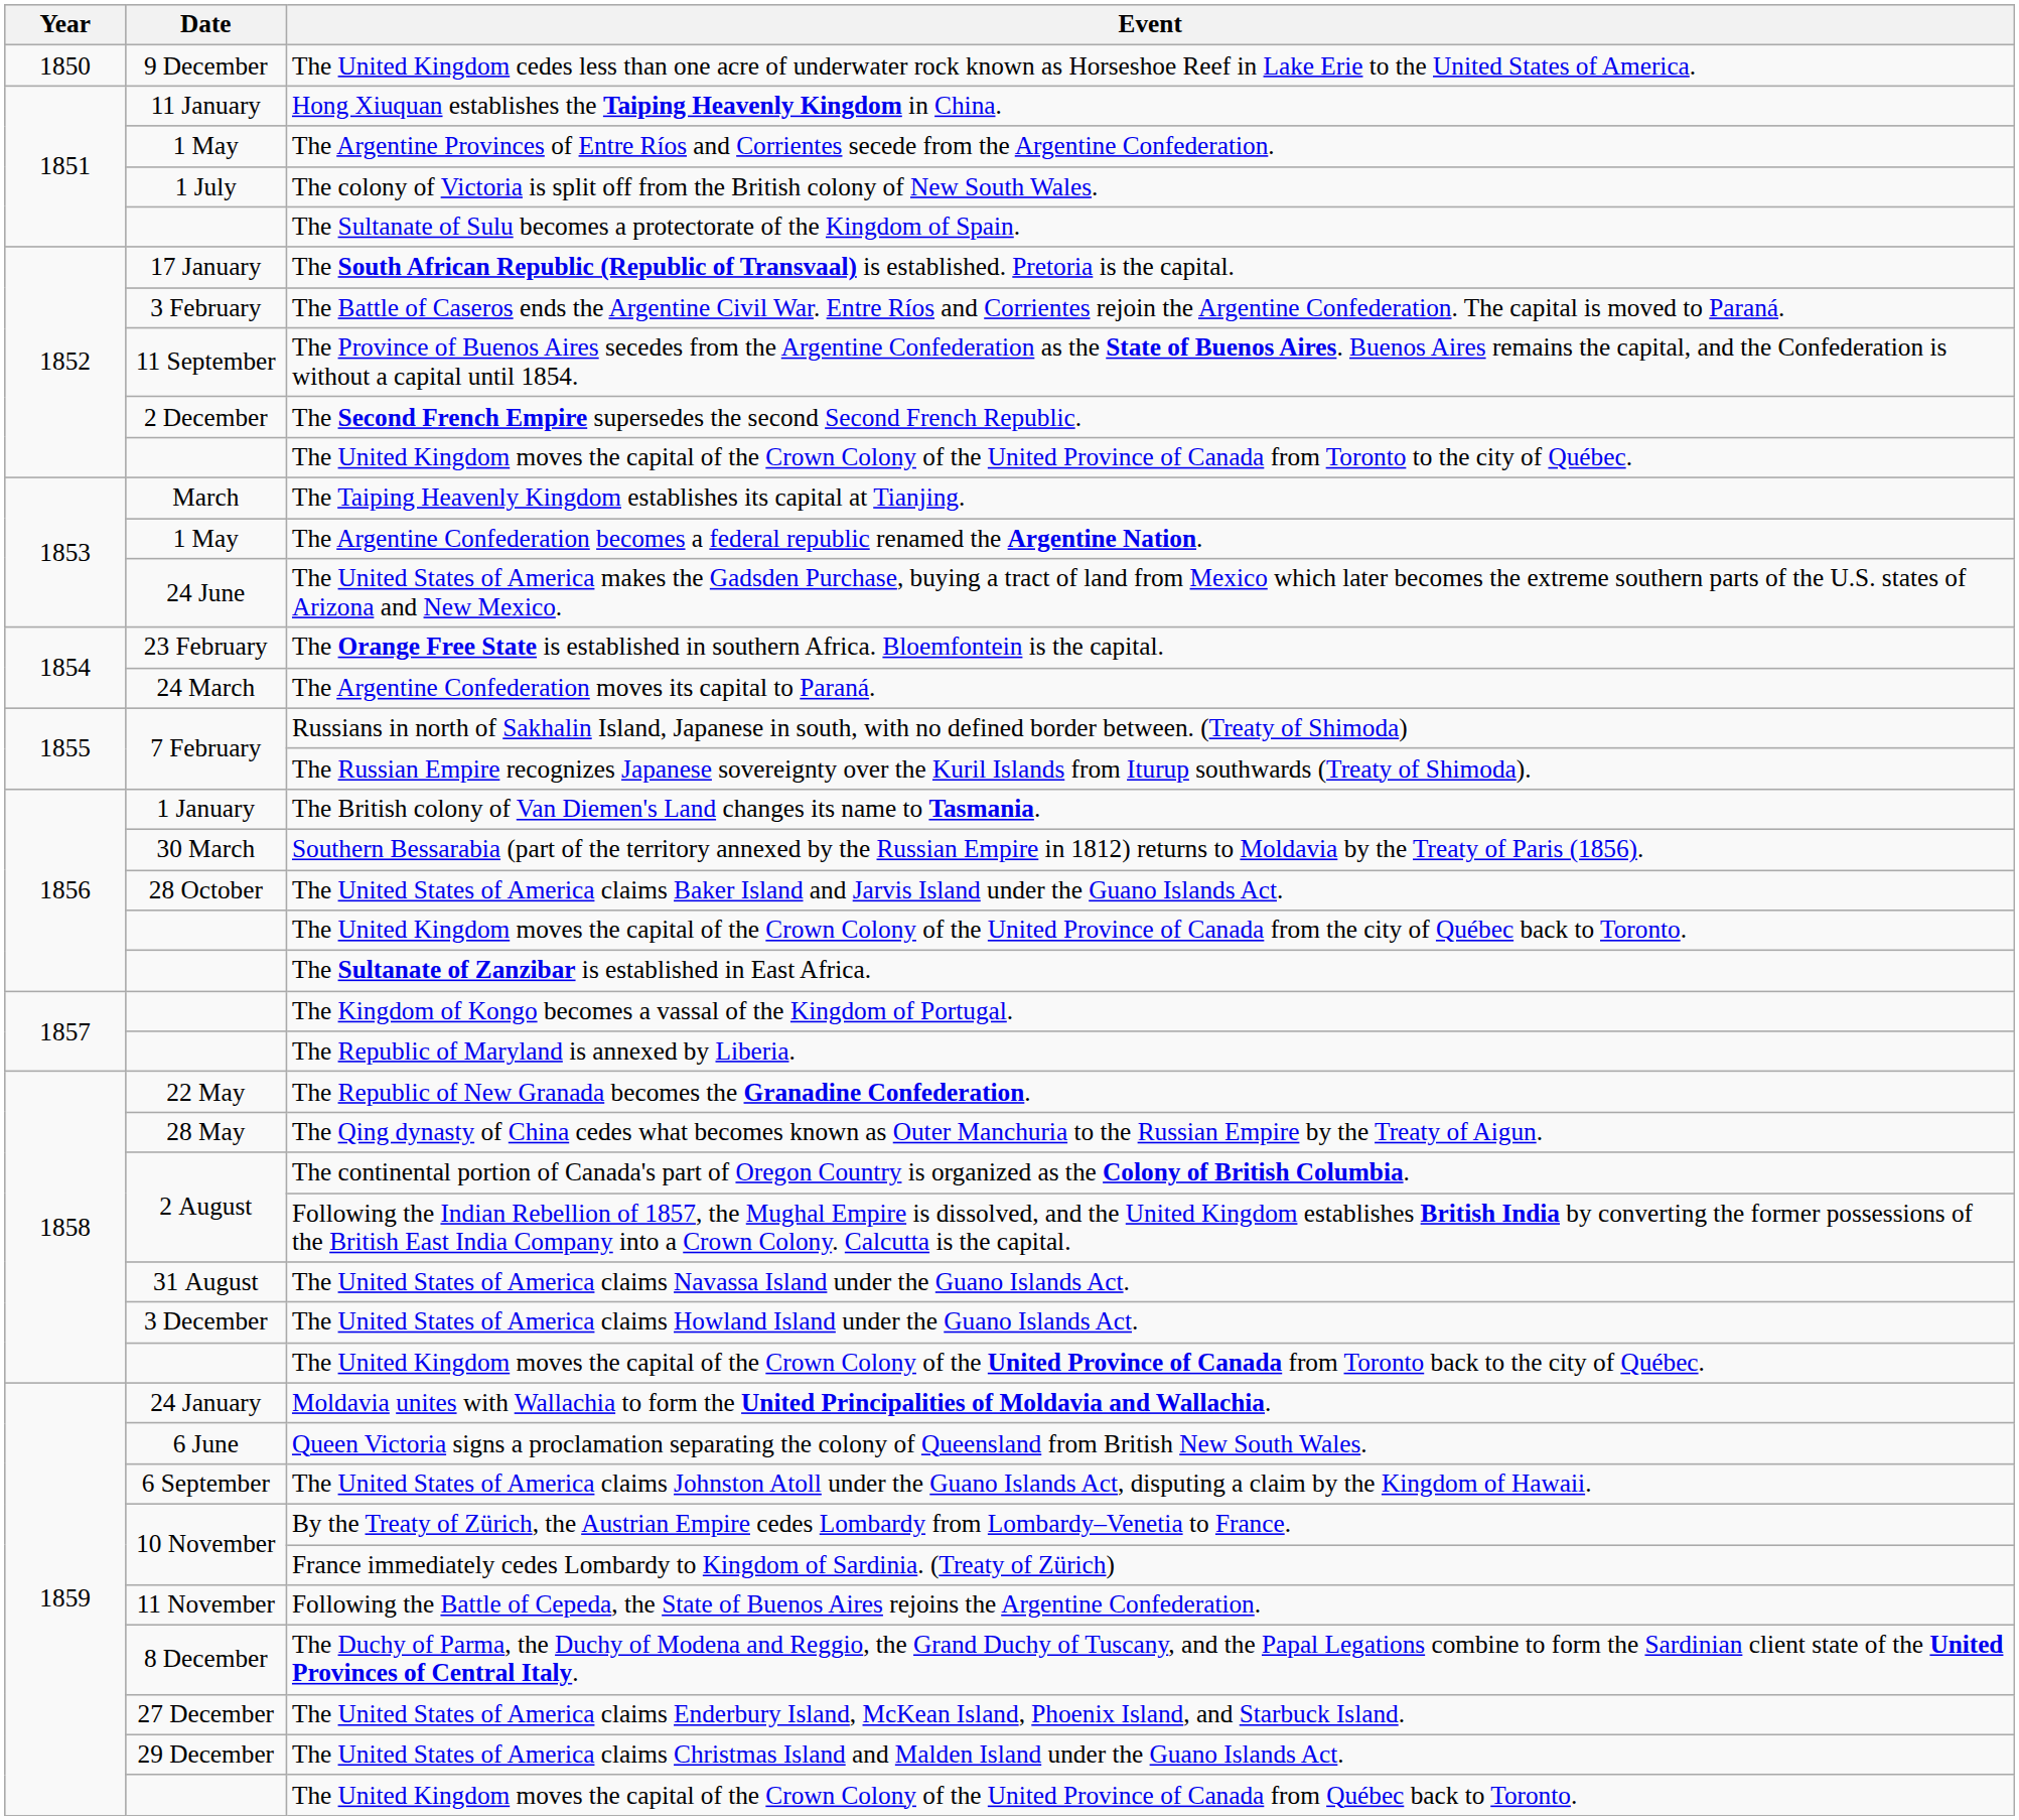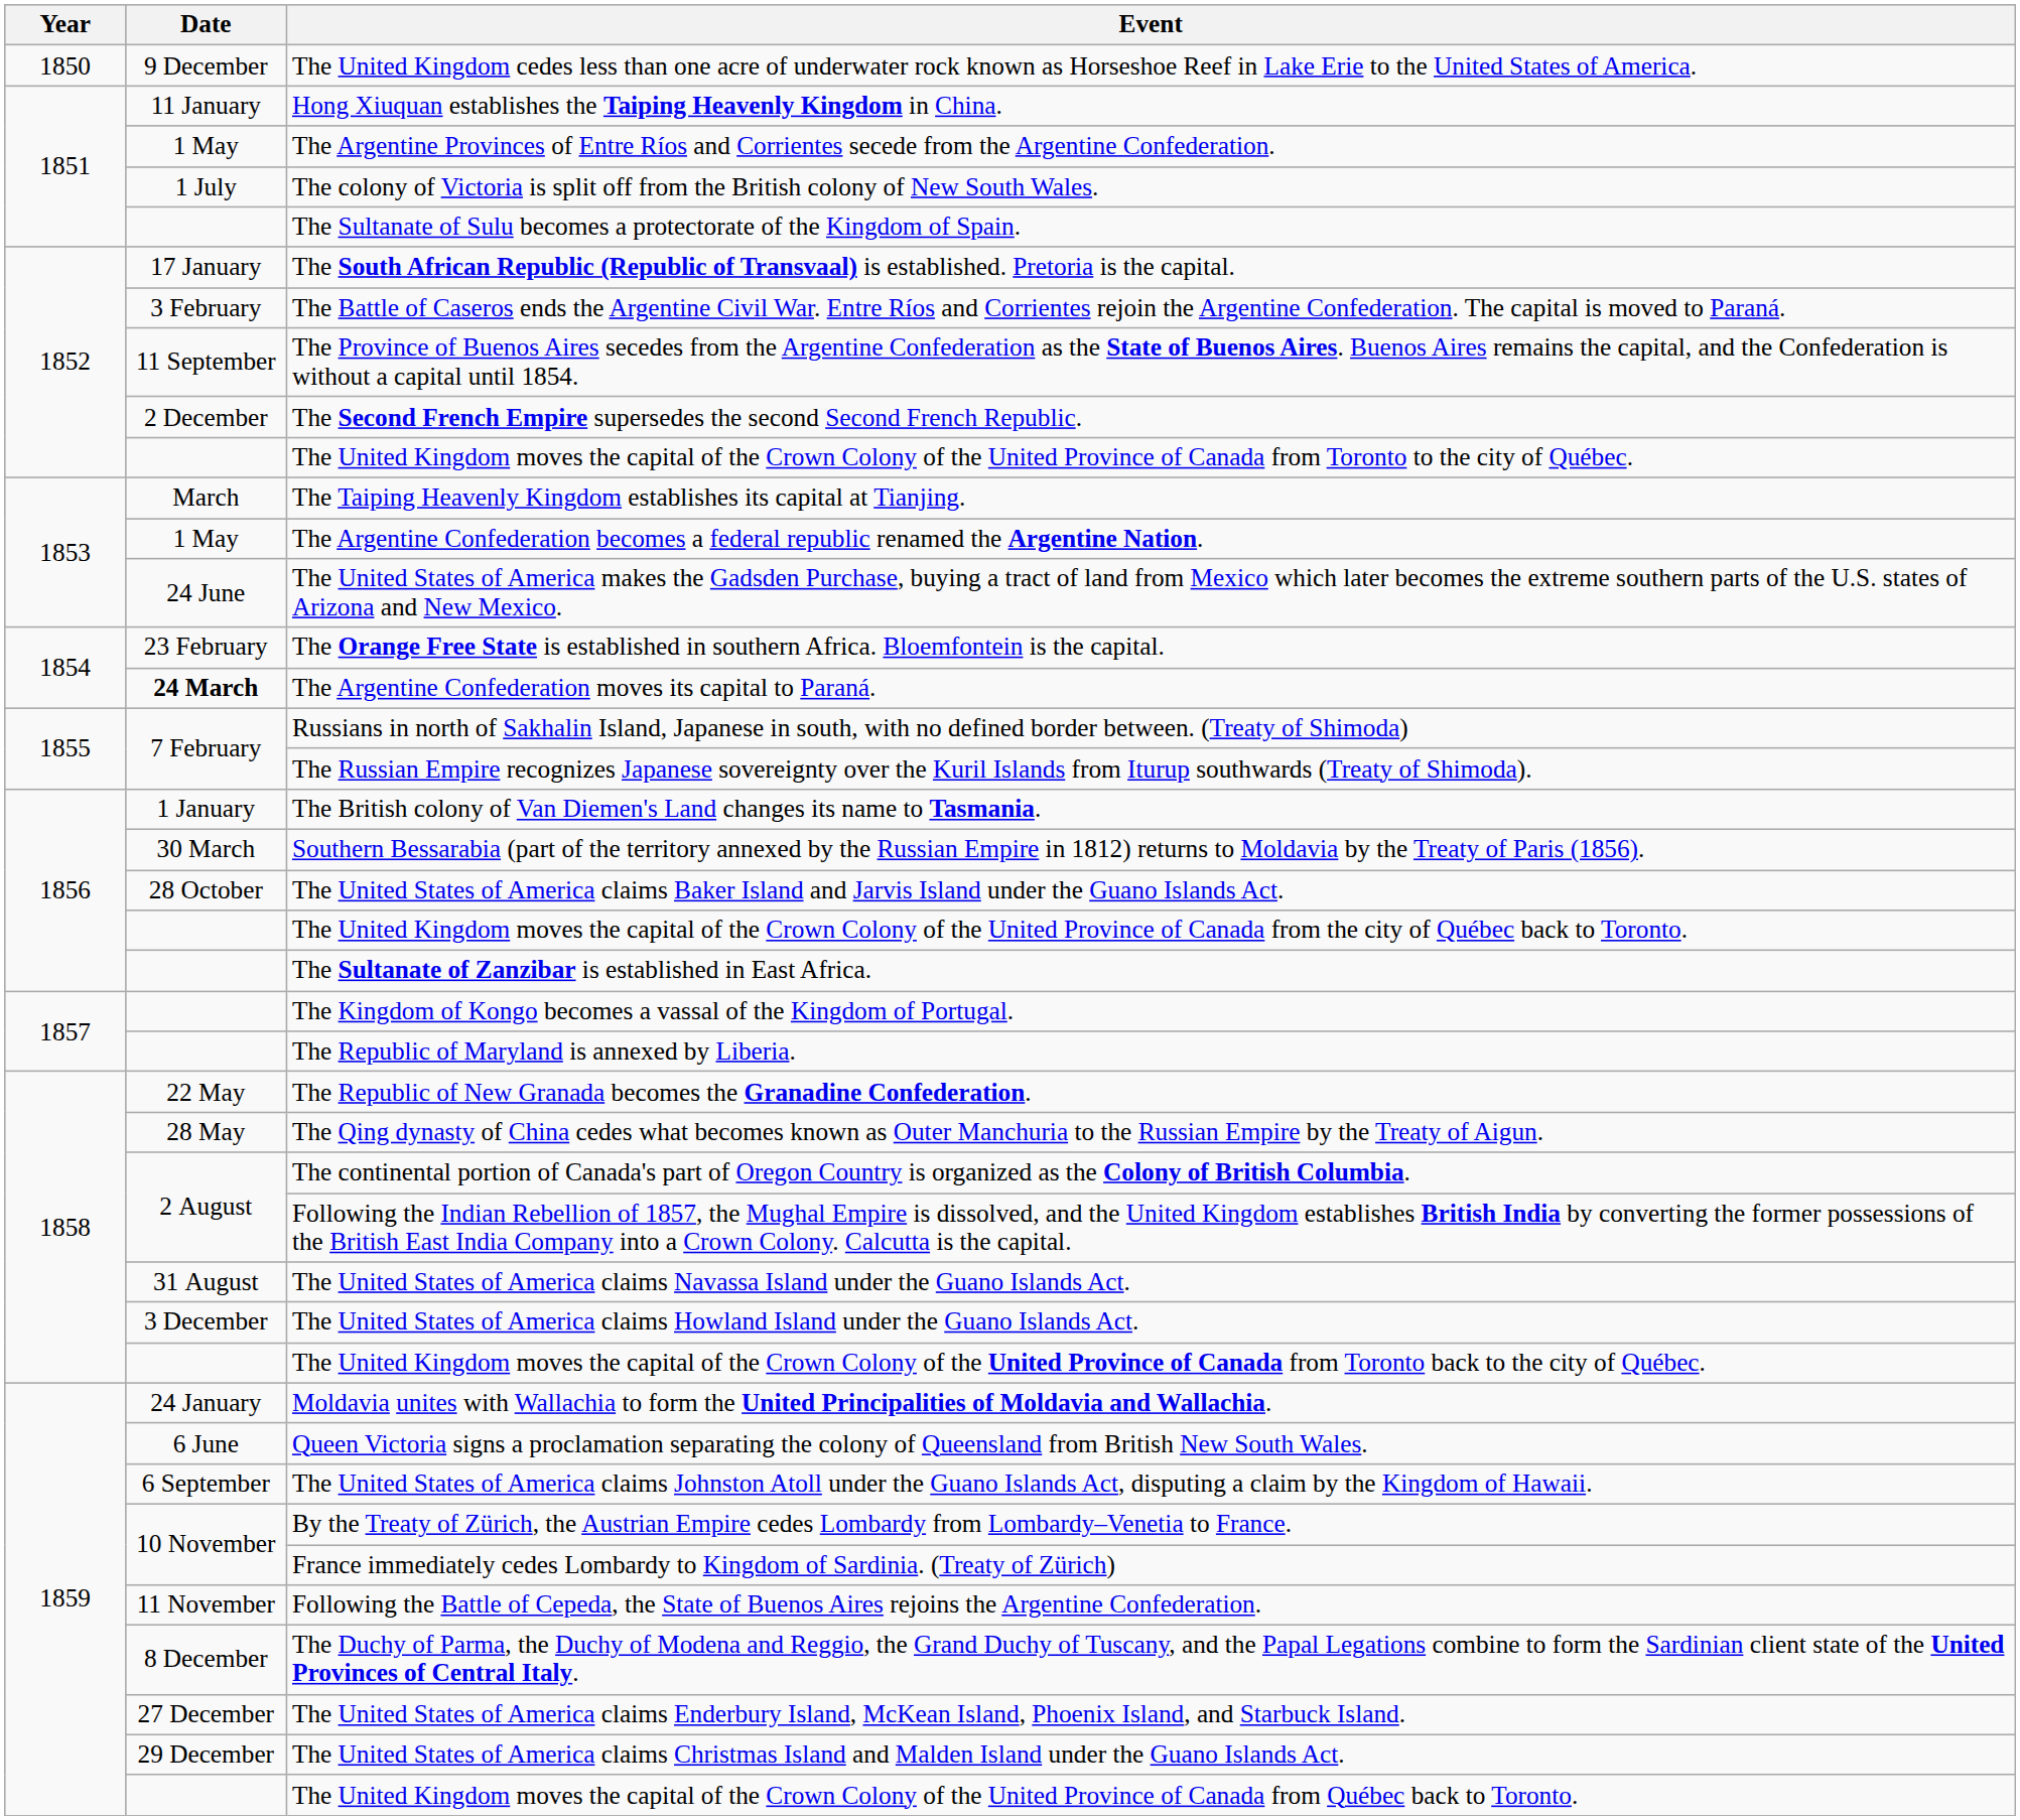 <table class=wikitable style="width:100%;">
 <tr>
 <th style="width:6%">Year</th>
 <th style="width:8%">Date</th>
 <th style="width:86%">Event</th>
 </tr>
 <tr>
 <td align=center>1850</td>
 <td align=center>9 December</td>
 <td>The <a href='#'>United Kingdom</a> cedes less than one acre of underwater rock known as Horseshoe Reef in <a href='#'>Lake Erie</a> to the <a href='#'>United States of America</a>.</td>
 </tr>
 <tr>
 <td rowspan=4 align=center>1851</td>
 <td align=center>11 January</td>
 <td><a href='#'>Hong Xiuquan</a> establishes the <strong><a href='#'>Taiping Heavenly Kingdom</a></strong> in <a href='#'>China</a>.</td>
 </tr>
 <tr>
 <td align=center>1 May</td>
 <td>The <a href='#'>Argentine Provinces</a> of <a href='#'>Entre Ríos</a> and <a href='#'>Corrientes</a> secede from the <a href='#'>Argentine Confederation</a>.</td>
 </tr>
 <tr>
 <td align=center>1 July</td>
 <td>The colony of <a href='#'>Victoria</a> is split off from the British colony of <a href='#'>New South Wales</a>.</td>
 </tr>
 <tr>
 <td></td>
 <td>The <a href='#'>Sultanate of Sulu</a> becomes a protectorate of the <a href='#'>Kingdom of Spain</a>.</td>
 </tr>
 <tr>
 <td rowspan=5 align=center>1852</td>
 <td align=center>17 January</td>
 <td>The <strong><a href='#'>South African Republic (Republic of Transvaal)</a></strong> is established. <a href='#'>Pretoria</a> is the capital.</td>
 </tr>
 <tr>
 <td align=center>3 February</td>
 <td>The <a href='#'>Battle of Caseros</a> ends the <a href='#'>Argentine Civil War</a>. <a href='#'>Entre Ríos</a> and <a href='#'>Corrientes</a> rejoin the <a href='#'>Argentine Confederation</a>. The capital is moved to <a href='#'>Paraná</a>.</td>
 </tr>
 <tr>
 <td align=center>11 September</td>
 <td>The <a href='#'>Province of Buenos Aires</a> secedes from the <a href='#'>Argentine Confederation</a> as the <strong><a href='#'>State of Buenos Aires</a></strong>. <a href='#'>Buenos Aires</a> remains the capital, and the Confederation is without a capital until 1854.</td>
 </tr>
 <tr>
 <td align=center>2 December</td>
 <td>The <strong><a href='#'>Second French Empire</a></strong> supersedes the second <a href='#'>Second French Republic</a>.</td>
 </tr>
 <tr>
 <td></td>
 <td>The <a href='#'>United Kingdom</a> moves the capital of the <a href='#'>Crown Colony</a> of the <a href='#'>United Province of Canada</a> from <a href='#'>Toronto</a> to the city of <a href='#'>Québec</a>.</td>
 </tr>
 <tr>
 <td rowspan=3 align=center>1853</td>
 <td align=center>March</td>
 <td>The <a href='#'>Taiping Heavenly Kingdom</a> establishes its capital at <a href='#'>Tianjing</a>.</td>
 </tr>
 <tr>
 <td align=center>1 May</td>
 <td>The <a href='#'>Argentine Confederation</a> <a href='#'>becomes</a> a <a href='#'>federal republic</a> renamed the <strong><a href='#'>Argentine Nation</a></strong>.</td>
 </tr>
 <tr>
 <td align=center>24 June</td>
 <td>The <a href='#'>United States of America</a> makes the <a href='#'>Gadsden Purchase</a>, buying a tract of land from <a href='#'>Mexico</a> which later becomes the extreme southern parts of the U.S. states of <a href='#'>Arizona</a> and <a href='#'>New Mexico</a>.</td>
 </tr>
 <tr>
 <td rowspan=2 align=center>1854</td>
 <td align=center>23 February</td>
 <td>The <strong><a href='#'>Orange Free State</a></strong> is established in southern Africa. <a href='#'>Bloemfontein</a> is the capital.</td>
 </tr>
 <tr>
-<td align=center>24 March</td>
+<td align=center><strong>24 March</strong></td>
 <td>The <a href='#'>Argentine Confederation</a> moves its capital to <a href='#'>Paraná</a>.</td>
 </tr>
 <tr>
 <td rowspan=2 align=center>1855</td>
 <td rowspan=2 align=center>7 February</td>
 <td>Russians in north of <a href='#'>Sakhalin</a> Island, Japanese in south, with no defined border between. (<a href='#'>Treaty of Shimoda</a>)</td>
 </tr>
 <tr>
 <td>The <a href='#'>Russian Empire</a> recognizes <a href='#'>Japanese</a> sovereignty over the <a href='#'>Kuril Islands</a> from <a href='#'>Iturup</a> southwards (<a href='#'>Treaty of Shimoda</a>).</td>
 </tr>
 <tr>
 <td rowspan=5 align=center>1856</td>
 <td align=center>1 January</td>
 <td>The British colony of <a href='#'>Van Diemen's Land</a> changes its name to <strong><a href='#'>Tasmania</a></strong>.</td>
 </tr>
 <tr>
 <td align=center>30 March</td>
 <td><a href='#'>Southern Bessarabia</a> (part of the territory annexed by the <a href='#'>Russian Empire</a> in 1812) returns to <a href='#'>Moldavia</a> by the <a href='#'>Treaty of Paris (1856)</a>.</td>
 </tr>
 <tr>
 <td align=center>28 October</td>
 <td>The <a href='#'>United States of America</a> claims <a href='#'>Baker Island</a> and <a href='#'>Jarvis Island</a> under the <a href='#'>Guano Islands Act</a>.</td>
 </tr>
 <tr>
 <td></td>
 <td>The <a href='#'>United Kingdom</a> moves the capital of the <a href='#'>Crown Colony</a> of the <a href='#'>United Province of Canada</a> from the city of <a href='#'>Québec</a> back to <a href='#'>Toronto</a>.</td>
 </tr>
 <tr>
 <td></td>
 <td>The <strong><a href='#'>Sultanate of Zanzibar</a></strong> is established in East Africa.</td>
 </tr>
 <tr>
 <td rowspan=2 align=center>1857</td>
 <td></td>
 <td>The <a href='#'>Kingdom of Kongo</a> becomes a vassal of the <a href='#'>Kingdom of Portugal</a>.</td>
 </tr>
 <tr>
 <td></td>
 <td>The <a href='#'>Republic of Maryland</a> is annexed by <a href='#'>Liberia</a>.</td>
 </tr>
 <tr>
 <td rowspan=7 align=center>1858</td>
 <td align=center>22 May</td>
 <td>The <a href='#'>Republic of New Granada</a> becomes the <strong><a href='#'>Granadine Confederation</a></strong>.</td>
 </tr>
 <tr>
 <td align=center>28 May</td>
 <td>The <a href='#'>Qing dynasty</a> of <a href='#'>China</a> cedes what becomes known as <a href='#'>Outer Manchuria</a> to the <a href='#'>Russian Empire</a> by the <a href='#'>Treaty of Aigun</a>.</td>
 </tr>
 <tr>
 <td rowspan=2 align=center>2 August</td>
 <td>The continental portion of Canada's part of <a href='#'>Oregon Country</a> is organized as the <strong><a href='#'>Colony of British Columbia</a></strong>.</td>
 </tr>
 <tr>
 <td>Following the <a href='#'>Indian Rebellion of 1857</a>, the <a href='#'>Mughal Empire</a> is dissolved, and the <a href='#'>United Kingdom</a> establishes <strong><a href='#'>British India</a></strong> by converting the former possessions of the <a href='#'>British East India Company</a> into a <a href='#'>Crown Colony</a>. <a href='#'>Calcutta</a> is the capital.</td>
 </tr>
 <tr>
 <td align=center>31 August</td>
 <td>The <a href='#'>United States of America</a> claims <a href='#'>Navassa Island</a> under the <a href='#'>Guano Islands Act</a>.</td>
 </tr>
 <tr>
 <td align=center>3 December</td>
 <td>The <a href='#'>United States of America</a> claims <a href='#'>Howland Island</a> under the <a href='#'>Guano Islands Act</a>.</td>
 </tr>
 <tr>
 <td></td>
 <td>The <a href='#'>United Kingdom</a> moves the capital of the <a href='#'>Crown Colony</a> of the <strong><a href='#'>United Province of Canada</a></strong> from <a href='#'>Toronto</a> back to the city of <a href='#'>Québec</a>.</td>
 </tr>
 <tr>
 <td rowspan=10 align=center>1859</td>
 <td align=center>24 January</td>
 <td><a href='#'>Moldavia</a> <a href='#'>unites</a> with <a href='#'>Wallachia</a> to form the <strong><a href='#'>United Principalities of Moldavia and Wallachia</a></strong>.</td>
 </tr>
 <tr>
 <td align=center>6 June</td>
 <td><a href='#'>Queen Victoria</a> signs a proclamation separating the colony of <a href='#'>Queensland</a> from British <a href='#'>New South Wales</a>.</td>
 </tr>
 <tr>
 <td align=center>6 September</td>
 <td>The <a href='#'>United States of America</a> claims <a href='#'>Johnston Atoll</a> under the <a href='#'>Guano Islands Act</a>, disputing a claim by the <a href='#'>Kingdom of Hawaii</a>.</td>
 </tr>
 <tr>
 <td rowspan=2 align=center>10 November</td>
 <td>By the <a href='#'>Treaty of Zürich</a>, the <a href='#'>Austrian Empire</a> cedes <a href='#'>Lombardy</a> from <a href='#'>Lombardy–Venetia</a> to <a href='#'>France</a>.</td>
 </tr>
 <tr>
 <td>France immediately cedes Lombardy to <a href='#'>Kingdom of Sardinia</a>. (<a href='#'>Treaty of Zürich</a>)</td>
 </tr>
 <tr>
 <td align=center>11 November</td>
 <td>Following the <a href='#'>Battle of Cepeda</a>, the <a href='#'>State of Buenos Aires</a> rejoins the <a href='#'>Argentine Confederation</a>.</td>
 </tr>
 <tr>
 <td align=center>8 December</td>
 <td>The <a href='#'>Duchy of Parma</a>, the <a href='#'>Duchy of Modena and Reggio</a>, the <a href='#'>Grand Duchy of Tuscany</a>, and the <a href='#'>Papal Legations</a> combine to form the <a href='#'>Sardinian</a> client state of the <strong><a href='#'>United Provinces of Central Italy</a></strong>.</td>
 </tr>
 <tr>
 <td align=center>27 December</td>
 <td>The <a href='#'>United States of America</a> claims <a href='#'>Enderbury Island</a>, <a href='#'>McKean Island</a>, <a href='#'>Phoenix Island</a>, and <a href='#'>Starbuck Island</a>.</td>
 </tr>
 <tr>
 <td align=center>29 December</td>
 <td>The <a href='#'>United States of America</a> claims <a href='#'>Christmas Island</a> and <a href='#'>Malden Island</a> under the <a href='#'>Guano Islands Act</a>.</td>
 </tr>
 <tr>
 <td></td>
 <td>The <a href='#'>United Kingdom</a> moves the capital of the <a href='#'>Crown Colony</a> of the <a href='#'>United Province of Canada</a> from <a href='#'>Québec</a> back to <a href='#'>Toronto</a>.</td>
 </tr>
 </table>
